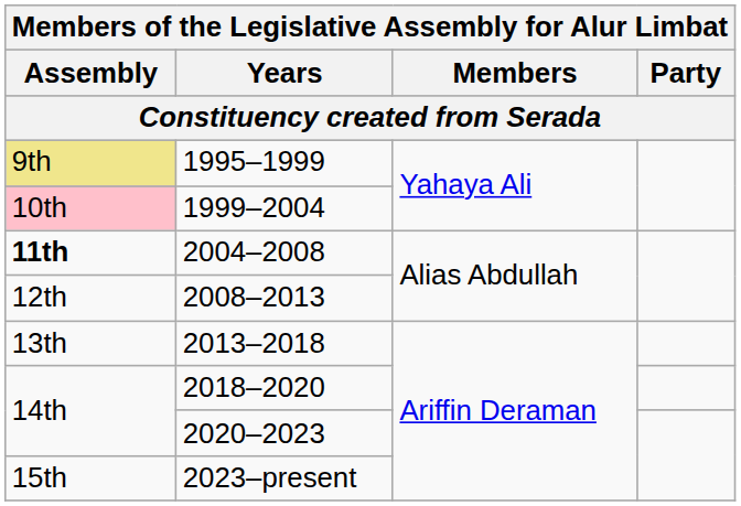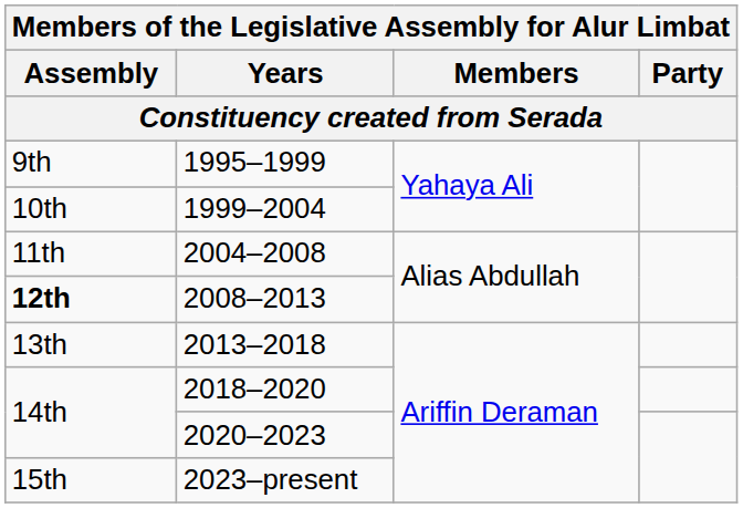 <table class="wikitable">
 <tr>
 <th colspan="4">Members of the Legislative Assembly for Alur Limbat</th>
 </tr>
 <tr>
 <th>Assembly</th>
 <th>Years</th>
 <th>Members</th>
 <th>Party</th>
 </tr>
 <tr>
 <th colspan="4"><em>Constituency created from Serada</em></th>
 </tr>
 <tr>
-<td style="background: khaki;">9th</td>
+<td>9th</td>
 <td>1995–1999</td>
 <td rowspan="2"><a href='#'>Yahaya Ali</a></td>
 <td rowspan="2"></td>
 </tr>
 <tr>
-<td style="background: pink;">10th</td>
+<td>10th</td>
 <td>1999–2004</td>
 </tr>
 <tr>
-<td><strong>11th</strong></td>
+<td>11th</td>
 <td>2004–2008</td>
 <td rowspan="2">Alias Abdullah</td>
 <td rowspan="2"></td>
 </tr>
 <tr>
-<td>12th</td>
+<td><strong>12th</strong></td>
 <td>2008–2013</td>
 </tr>
 <tr>
 <td>13th</td>
 <td>2013–2018</td>
 <td rowspan="4"><a href='#'>Ariffin Deraman</a></td>
 <td></td>
 </tr>
 <tr>
 <td rowspan="2">14th</td>
 <td>2018–2020</td>
 <td></td>
 </tr>
 <tr>
 <td>2020–2023</td>
 <td rowspan="2"></td>
 </tr>
 <tr>
 <td>15th</td>
 <td>2023–present</td>
 </tr>
 </table>
